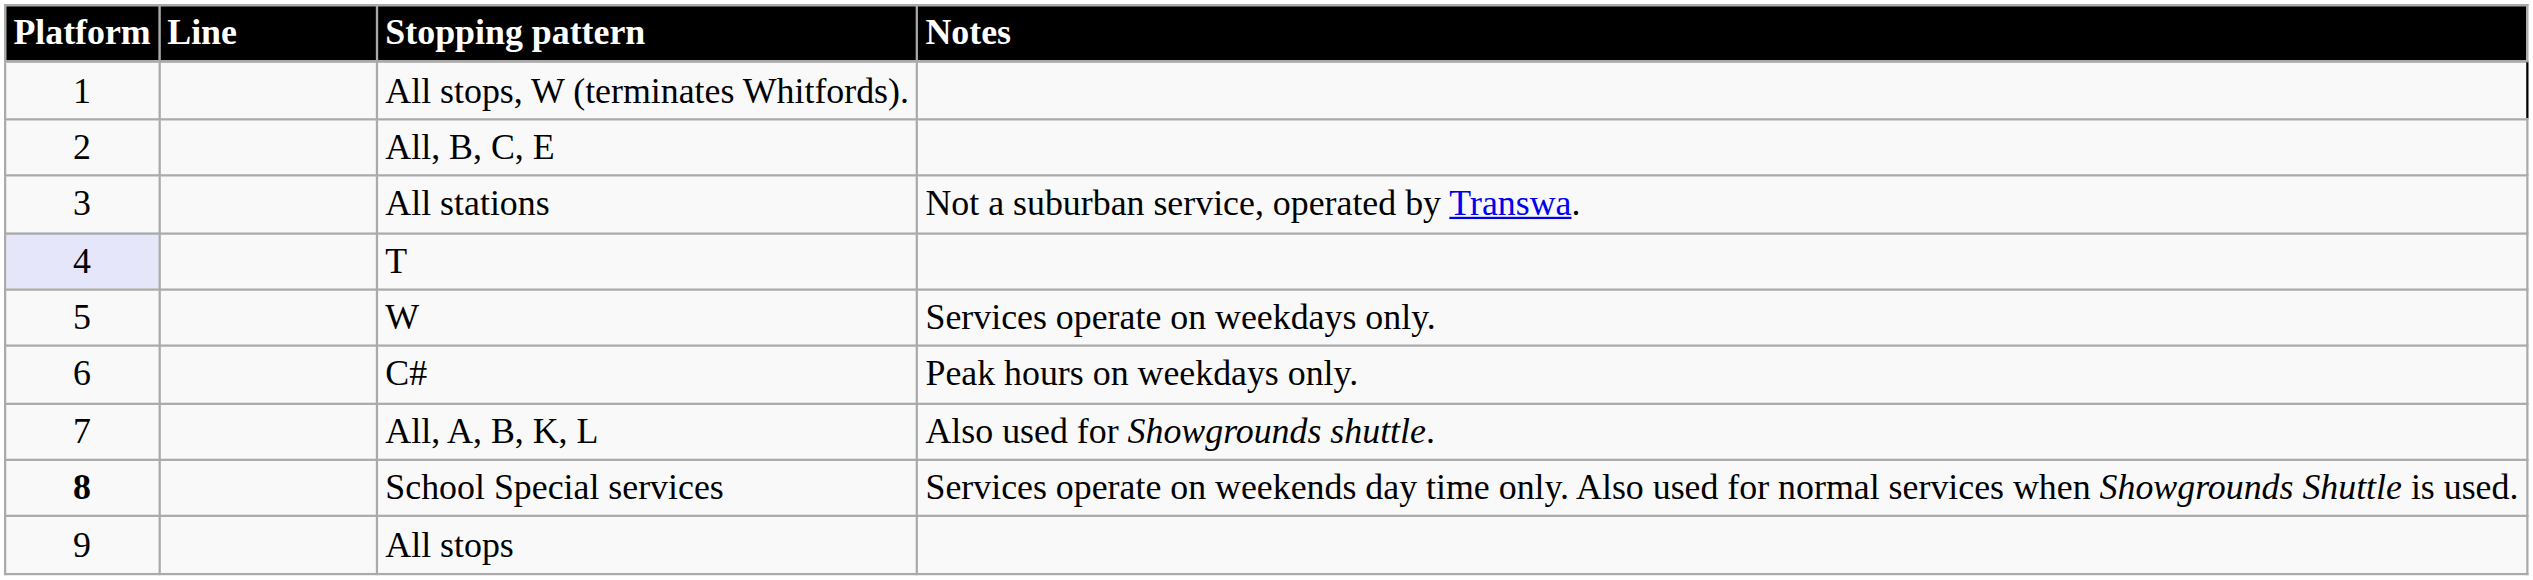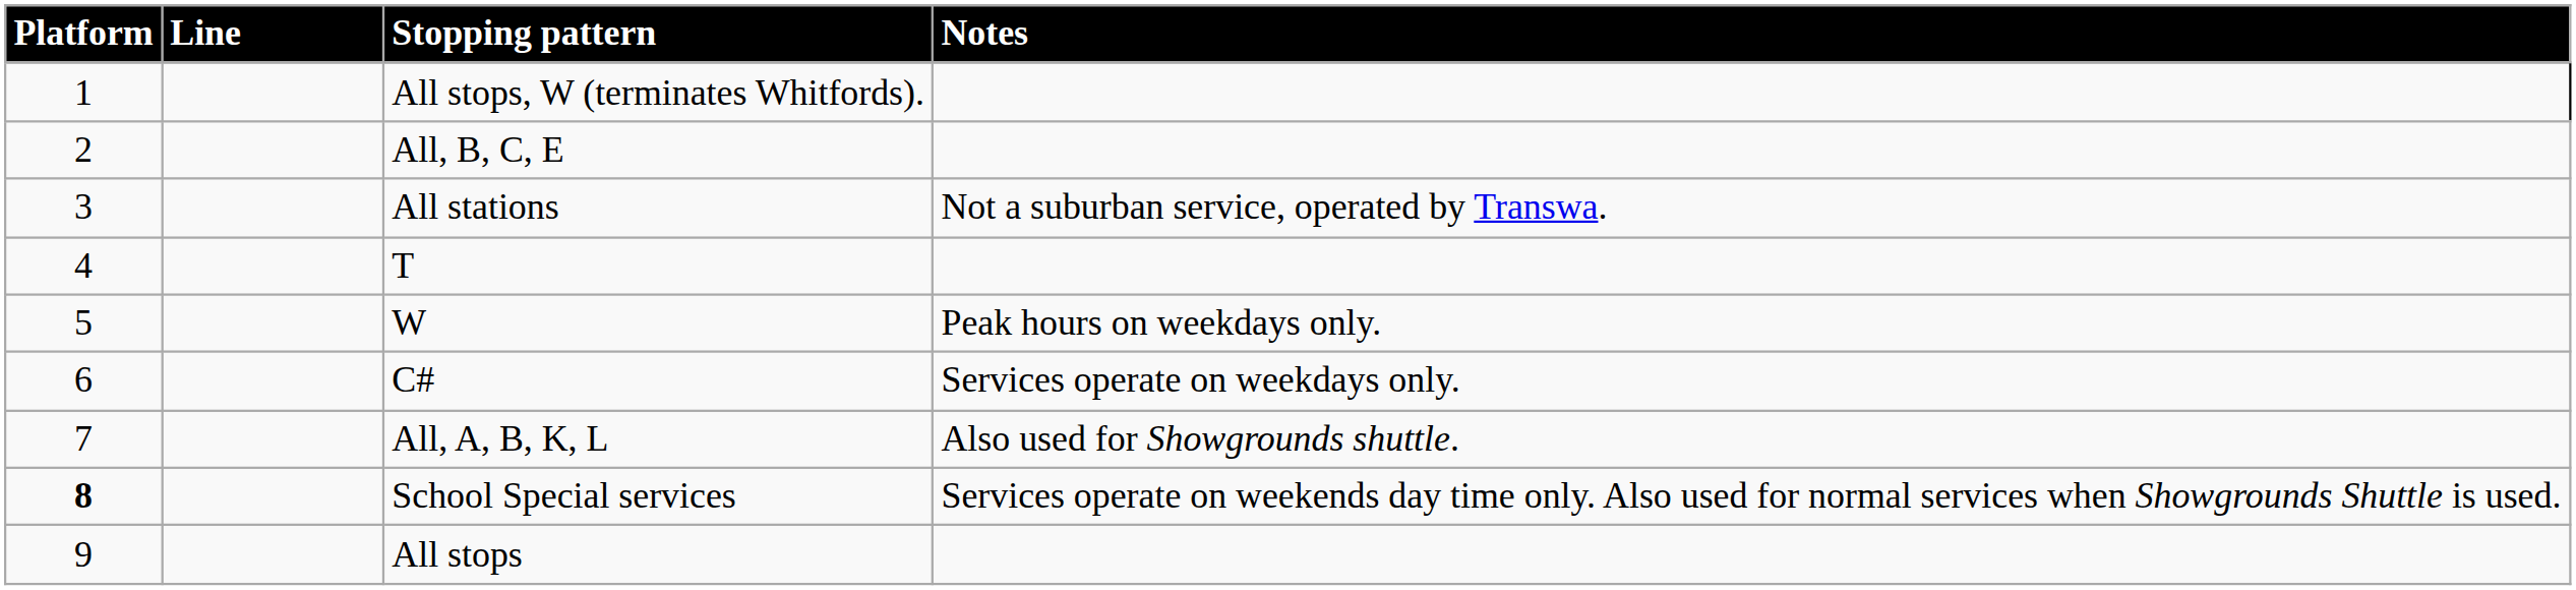 <table class="wikitable" style="float: none; margin-center: 1em; margin-bottom: 0.5em; border: black solid 1px; text-align:center;">
 <tr style="color:#FFFFFF;">
 <th style="background:#000000; text-align:left;">Platform</th>
 <th style="background:#000000; text-align:left; width:90px;">Line</th>
 <th style="background:#000000; text-align:left;">Stopping pattern</th>
 <th style="background:#000000; text-align:left;">Notes</th>
 </tr>
 <tr>
 <td>1</td>
 <td><strong><a href='#'></a></strong></td>
 <td style="text-align:left;">All stops, W (terminates Whitfords).</td>
 </tr>
 <tr>
 <td>2</td>
 <td><strong><a href='#'></a></strong></td>
 <td style="text-align:left;">All, B, C, E</td>
 <td></td>
 </tr>
 <tr>
 <td>3</td>
 <td><strong><a href='#'></a></strong></td>
 <td style="text-align:left;">All stations</td>
 <td style="text-align:left;">Not a suburban service, operated by <a href='#'>Transwa</a>.</td>
 </tr>
 <tr>
-<td style="background: lavender;">4</td>
+<td>4</td>
 <td><strong><a href='#'></a></strong></td>
 <td style="text-align:left;">T</td>
 <td></td>
 </tr>
 <tr>
 <td>5</td>
 <td><strong><a href='#'></a></strong></td>
 <td style="text-align:left;">W</td>
-<td style="text-align:left;">Services operate on weekdays only.</td>
+<td style="text-align:left;">Peak hours on weekdays only.</td>
 </tr>
 <tr>
 <td>6</td>
 <td><strong><a href='#'></a></strong></td>
 <td style="text-align:left;">C#</td>
-<td style="text-align:left;">Peak hours on weekdays only.</td>
+<td style="text-align:left;">Services operate on weekdays only.</td>
 </tr>
 <tr>
 <td>7</td>
 <td><strong><a href='#'></a></strong></td>
 <td style="text-align:left;">All, A, B, K, L</td>
 <td style="text-align:left;">Also used for <em>Showgrounds shuttle</em>.</td>
 </tr>
 <tr>
 <td><strong>8</strong></td>
 <td><strong><a href='#'></a></strong></td>
 <td style="text-align:left;">School Special services</td>
 <td style="text-align:left;">Services operate on weekends day time only. Also used for normal services when <em>Showgrounds Shuttle</em> is used.</td>
 </tr>
 <tr>
 <td>9</td>
 <td><strong><a href='#'></a></strong></td>
 <td style="text-align:left;">All stops</td>
 <td></td>
 </tr>
 </table>
